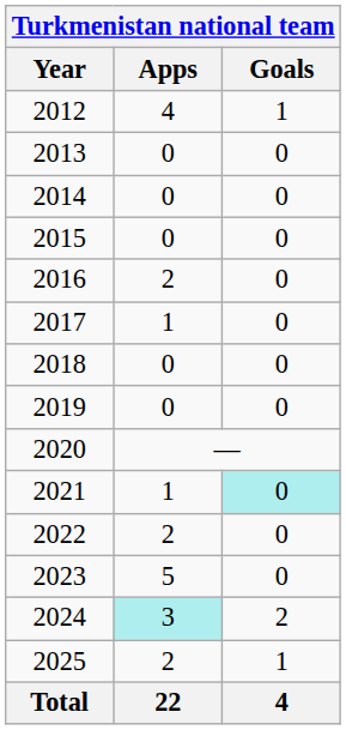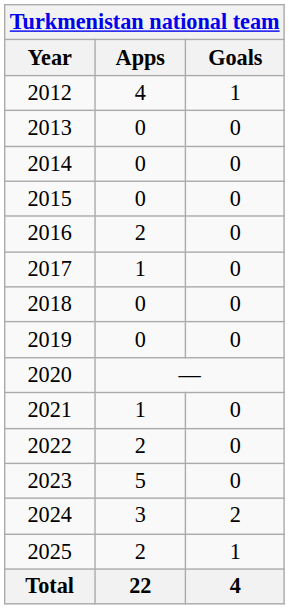 <table class="wikitable" style="text-align:center">
 <tr>
 <th colspan=3><a href='#'>Turkmenistan national team</a></th>
 </tr>
 <tr>
 <th>Year</th>
 <th>Apps</th>
 <th>Goals</th>
 </tr>
 <tr>
 <td>2012</td>
 <td>4</td>
 <td>1</td>
 </tr>
 <tr>
 <td>2013</td>
 <td>0</td>
 <td>0</td>
 </tr>
 <tr>
 <td>2014</td>
 <td>0</td>
 <td>0</td>
 </tr>
 <tr>
 <td>2015</td>
 <td>0</td>
 <td>0</td>
 </tr>
 <tr>
 <td>2016</td>
 <td>2</td>
 <td>0</td>
 </tr>
 <tr>
 <td>2017</td>
 <td>1</td>
 <td>0</td>
 </tr>
 <tr>
 <td>2018</td>
 <td>0</td>
 <td>0</td>
 </tr>
 <tr>
 <td>2019</td>
 <td>0</td>
 <td>0</td>
 </tr>
 <tr>
 <td>2020</td>
 <td colspan="2">—</td>
 </tr>
 <tr>
 <td>2021</td>
 <td>1</td>
-<td style="background: paleturquoise;">0</td>
+<td>0</td>
 </tr>
 <tr>
 <td>2022</td>
 <td>2</td>
 <td>0</td>
 </tr>
 <tr>
 <td>2023</td>
 <td>5</td>
 <td>0</td>
 </tr>
 <tr>
 <td>2024</td>
-<td style="background: paleturquoise;">3</td>
+<td>3</td>
 <td>2</td>
 </tr>
 <tr>
 <td>2025</td>
 <td>2</td>
 <td>1</td>
 </tr>
 <tr>
 <th>Total</th>
 <th>22</th>
 <th>4</th>
 </tr>
 </table>
